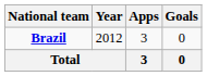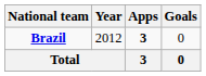 <table class="wikitable" style="font-size:90%; text-align: center;">
 <tr>
 <th>National team</th>
 <th>Year</th>
 <th>Apps</th>
 <th>Goals</th>
 </tr>
 <tr>
 <td rowspan="1"><strong><a href='#'>Brazil</a></strong></td>
 <td>2012</td>
-<td>3</td>
+<td><strong>3</strong></td>
 <td>0</td>
 </tr>
 <tr>
 <th colspan=2>Total</th>
 <th>3</th>
 <th>0</th>
 </tr>
 </table>
